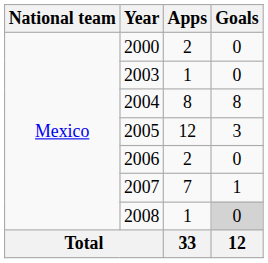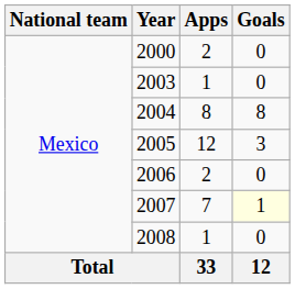 <table class=wikitable style="text-align: center">
 <tr>
 <th>National team</th>
 <th>Year</th>
 <th>Apps</th>
 <th>Goals</th>
 </tr>
 <tr>
 <td rowspan="7"><a href='#'>Mexico</a></td>
 <td>2000</td>
 <td>2</td>
 <td>0</td>
 </tr>
 <tr>
 <td>2003</td>
 <td>1</td>
 <td>0</td>
 </tr>
 <tr>
 <td>2004</td>
 <td>8</td>
 <td>8</td>
 </tr>
 <tr>
 <td>2005</td>
 <td>12</td>
 <td>3</td>
 </tr>
 <tr>
 <td>2006</td>
 <td>2</td>
 <td>0</td>
 </tr>
 <tr>
 <td>2007</td>
 <td>7</td>
-<td>1</td>
+<td style="background: lightyellow;">1</td>
 </tr>
 <tr>
 <td>2008</td>
 <td>1</td>
-<td style="background: lightgrey;">0</td>
+<td>0</td>
 </tr>
 <tr>
 <th colspan="2">Total</th>
 <th>33</th>
 <th>12</th>
 </tr>
 </table>
